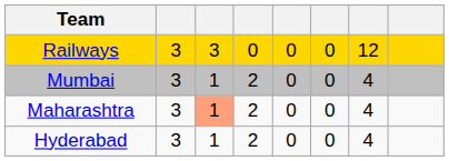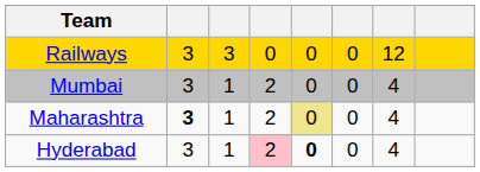 <table class="wikitable" style="text-align:center">
 <tr>
 <th style="width:120px">Team</th>
 <th style="width:25px"></th>
 <th style="width:25px"></th>
 <th style="width:25px"></th>
 <th style="width:25px"></th>
 <th style="width:25px"></th>
 <th style="width:25px"></th>
 <th style="width:40px;"></th>
 </tr>
 <tr style="background-color:gold">
 <td><a href='#'>Railways</a></td>
 <td>3</td>
 <td>3</td>
 <td>0</td>
 <td>0</td>
 <td>0</td>
 <td>12</td>
 <td></td>
 </tr>
 <tr style="background-color:silver">
 <td><a href='#'>Mumbai</a></td>
 <td>3</td>
 <td>1</td>
 <td>2</td>
 <td>0</td>
 <td>0</td>
 <td>4</td>
 <td></td>
 </tr>
 <tr>
 <td><a href='#'>Maharashtra</a></td>
-<td>3</td>
-<td style="background: lightsalmon;">1</td>
+<td><strong>3</strong></td>
+<td>1</td>
 <td>2</td>
-<td>0</td>
+<td style="background: khaki;">0</td>
 <td>0</td>
 <td>4</td>
 <td></td>
 </tr>
 <tr>
 <td><a href='#'>Hyderabad</a></td>
 <td>3</td>
 <td>1</td>
-<td>2</td>
-<td>0</td>
+<td style="background: pink;">2</td>
+<td><strong>0</strong></td>
 <td>0</td>
 <td>4</td>
 <td></td>
 </tr>
 </table>
